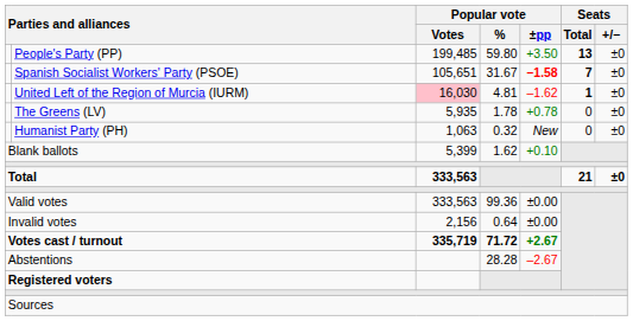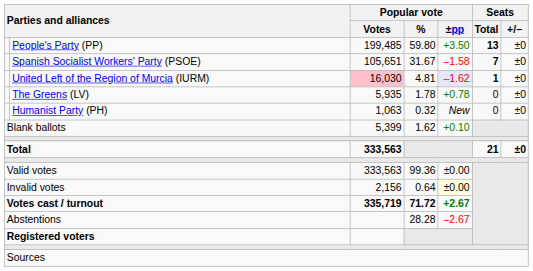 <table class="wikitable" style="text-align:right;">
 <tr>
 <th style="text-align:left;" rowspan="2" colspan="2" width="525">Parties and alliances</th>
 <th colspan="3">Popular vote</th>
 <th colspan="2">Seats</th>
 </tr>
 <tr>
 <th width="75">Votes</th>
 <th width="45">%</th>
 <th width="45">±<a href='#'>pp</a></th>
 <th width="35">Total</th>
 <th width="35">+/−</th>
 </tr>
 <tr>
 <td width="1" style="color:inherit;background:"></td>
 <td align="left"><a href='#'>People's Party</a> (PP)</td>
 <td>199,485</td>
 <td>59.80</td>
 <td style="color:green;">+3.50</td>
 <td><strong>13</strong></td>
 <td>±0</td>
 </tr>
 <tr>
 <td style="color:inherit;background:"></td>
 <td align="left"><a href='#'>Spanish Socialist Workers' Party</a> (PSOE)</td>
 <td>105,651</td>
 <td>31.67</td>
-<td style="color:red;"><strong>–1.58</strong></td>
+<td style="color:red;">–1.58</td>
 <td><strong>7</strong></td>
 <td>±0</td>
 </tr>
 <tr>
 <td style="color:inherit;background:"></td>
 <td align="left"><a href='#'>United Left of the Region of Murcia</a> (IURM)</td>
 <td style="background: pink;">16,030</td>
 <td>4.81</td>
-<td style="color:red;">–1.62</td>
+<td style="background: lavender; color:red;">–1.62</td>
 <td><strong>1</strong></td>
 <td>±0</td>
 </tr>
 <tr>
 <td style="color:inherit;background:"></td>
 <td align="left"><a href='#'>The Greens</a> (LV)</td>
 <td>5,935</td>
 <td>1.78</td>
 <td style="color:green;">+0.78</td>
 <td>0</td>
 <td>±0</td>
 </tr>
 <tr>
 <td style="color:inherit;background:"></td>
 <td align="left"><a href='#'>Humanist Party</a> (PH)</td>
 <td>1,063</td>
 <td>0.32</td>
 <td><em>New</em></td>
 <td>0</td>
 <td>±0</td>
 </tr>
 <tr>
 <td align="left" colspan="2">Blank ballots</td>
 <td>5,399</td>
 <td>1.62</td>
 <td style="color:green;">+0.10</td>
 <td bgcolor="#E9E9E9" colspan="2"></td>
 </tr>
 <tr>
 <td colspan="7" bgcolor="#E9E9E9"></td>
 </tr>
 <tr style="font-weight:bold;">
 <td align="left" colspan="2">Total</td>
 <td>333,563</td>
 <td bgcolor="#E9E9E9" colspan="2"></td>
 <td>21</td>
 <td>±0</td>
 </tr>
 <tr>
 <td colspan="7" bgcolor="#E9E9E9"></td>
 </tr>
 <tr>
 <td align="left" colspan="2">Valid votes</td>
 <td>333,563</td>
 <td>99.36</td>
 <td>±0.00</td>
 <td bgcolor="#E9E9E9" colspan="2" rowspan="5"></td>
 </tr>
 <tr>
 <td align="left" colspan="2">Invalid votes</td>
 <td>2,156</td>
 <td>0.64</td>
-<td>±0.00</td>
+<td style="background: lightyellow;">±0.00</td>
 </tr>
 <tr style="font-weight:bold;">
 <td align="left" colspan="2">Votes cast / turnout</td>
 <td>335,719</td>
 <td>71.72</td>
 <td style="color:green;">+2.67</td>
 </tr>
 <tr>
 <td align="left" colspan="2">Abstentions</td>
 <td></td>
 <td>28.28</td>
 <td style="color:red;">–2.67</td>
 </tr>
 <tr style="font-weight:bold;">
 <td align="left" colspan="2">Registered voters</td>
 <td></td>
 <td bgcolor="#E9E9E9" colspan="2"></td>
 </tr>
 <tr>
 <td colspan="7" bgcolor="#E9E9E9"></td>
 </tr>
 <tr>
 <td align="left" colspan="7">Sources</td>
 </tr>
 </table>
